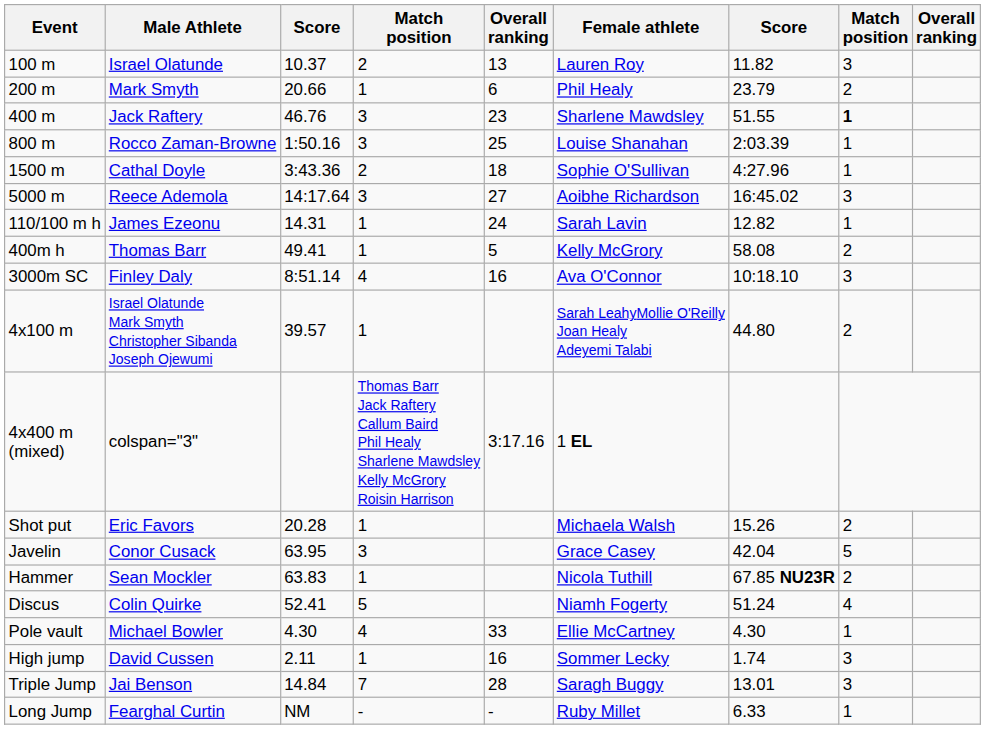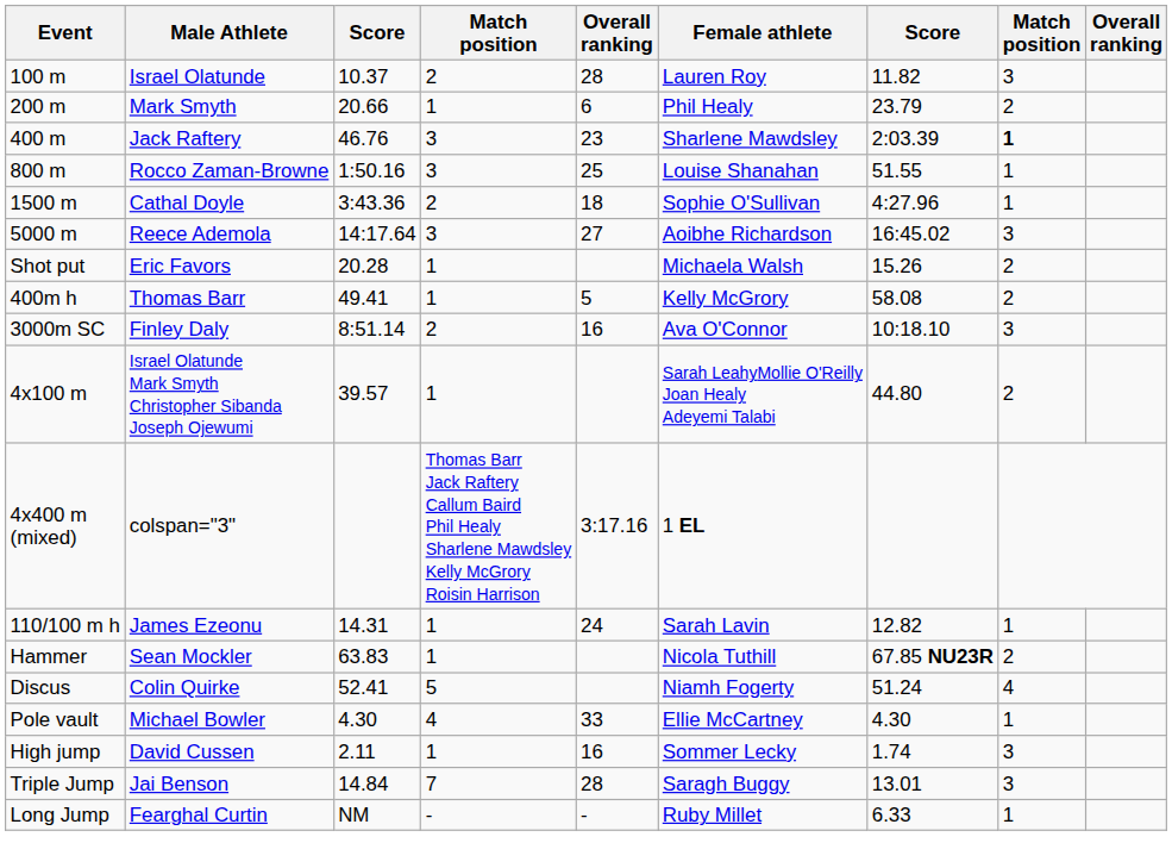 <table class="wikitable" style="text-align:left; font-size:90%">
 <tr>
 <th>Event</th>
 <th>Male Athlete</th>
 <th>Score</th>
 <th>Match<br>position</th>
 <th>Overall<br>ranking</th>
 <th>Female athlete</th>
 <th>Score</th>
 <th>Match<br>position</th>
 <th>Overall<br>ranking</th>
 </tr>
 <tr>
 <td align="left">100 m</td>
 <td><a href='#'>Israel Olatunde</a></td>
 <td>10.37</td>
 <td>2</td>
-<td>13</td>
+<td>28</td>
 <td><a href='#'>Lauren Roy</a></td>
 <td>11.82</td>
 <td>3</td>
 <td></td>
 </tr>
 <tr>
 <td>200 m</td>
 <td><a href='#'>Mark Smyth</a></td>
 <td>20.66</td>
 <td>1</td>
 <td>6</td>
 <td><a href='#'>Phil Healy</a></td>
 <td>23.79</td>
 <td>2</td>
 <td></td>
 </tr>
 <tr>
 <td>400 m</td>
 <td><a href='#'>Jack Raftery</a></td>
 <td>46.76</td>
 <td>3</td>
 <td>23</td>
 <td><a href='#'>Sharlene Mawdsley</a></td>
-<td>51.55</td>
+<td>2:03.39</td>
 <td><strong>1</strong></td>
 <td></td>
 </tr>
 <tr>
 <td>800 m</td>
 <td><a href='#'>Rocco Zaman-Browne</a></td>
 <td>1:50.16</td>
 <td>3</td>
 <td>25</td>
 <td><a href='#'>Louise Shanahan</a></td>
-<td>2:03.39</td>
+<td>51.55</td>
 <td>1</td>
 <td></td>
 </tr>
 <tr>
 <td>1500 m</td>
 <td><a href='#'>Cathal Doyle</a></td>
 <td>3:43.36</td>
 <td>2</td>
 <td>18</td>
 <td><a href='#'>Sophie O'Sullivan</a></td>
 <td>4:27.96</td>
 <td>1</td>
 <td></td>
 </tr>
 <tr>
 <td>5000 m</td>
 <td><a href='#'>Reece Ademola</a></td>
 <td>14:17.64</td>
 <td>3</td>
 <td>27</td>
 <td><a href='#'>Aoibhe Richardson</a></td>
 <td>16:45.02</td>
 <td>3</td>
 <td></td>
 </tr>
 <tr>
-<td>110/100 m h</td>
-<td><a href='#'>James Ezeonu</a></td>
-<td>14.31</td>
+<td>Shot put</td>
+<td><a href='#'>Eric Favors</a></td>
+<td>20.28</td>
 <td>1</td>
-<td>24</td>
-<td><a href='#'>Sarah Lavin</a></td>
-<td>12.82</td>
-<td>1</td>
+<td></td>
+<td><a href='#'>Michaela Walsh</a></td>
+<td>15.26</td>
+<td>2</td>
 <td></td>
 </tr>
 <tr>
 <td>400m h</td>
 <td><a href='#'>Thomas Barr</a></td>
 <td>49.41</td>
 <td>1</td>
 <td>5</td>
 <td><a href='#'>Kelly McGrory</a></td>
 <td>58.08</td>
 <td>2</td>
 <td></td>
 </tr>
 <tr>
 <td>3000m SC</td>
 <td><a href='#'>Finley Daly</a></td>
 <td>8:51.14</td>
-<td>4</td>
+<td>2</td>
 <td>16</td>
 <td><a href='#'>Ava O'Connor</a></td>
 <td>10:18.10</td>
 <td>3</td>
 <td></td>
 </tr>
 <tr>
 <td>4x100 m</td>
 <td><small><a href='#'>Israel Olatunde</a><br><a href='#'>Mark Smyth</a><br><a href='#'>Christopher Sibanda</a><br><a href='#'>Joseph Ojewumi</a></small></td>
 <td>39.57</td>
 <td>1</td>
 <td></td>
 <td><small><a href='#'>Sarah Leahy</a></small><small><a href='#'>Mollie O'Reilly</a><br><a href='#'>Joan Healy</a><br><a href='#'>Adeyemi Talabi</a></small></td>
 <td>44.80</td>
 <td>2</td>
 <td></td>
 </tr>
 <tr>
 <td>4x400 m<br>(mixed)</td>
 <td>colspan="3" </td>
 <td></td>
 <td><small><a href='#'>Thomas Barr</a><br><a href='#'>Jack Raftery</a><br><a href='#'>Callum Baird</a><br><a href='#'>Phil Healy</a><br><a href='#'>Sharlene Mawdsley</a><br><a href='#'>Kelly McGrory</a><br><a href='#'>Roisin Harrison</a></small></td>
 <td>3:17.16</td>
 <td>1 <strong>EL</strong></td>
 <td></td>
 </tr>
 <tr>
-<td>Shot put</td>
-<td><a href='#'>Eric Favors</a></td>
-<td>20.28</td>
+<td>110/100 m h</td>
+<td><a href='#'>James Ezeonu</a></td>
+<td>14.31</td>
 <td>1</td>
-<td></td>
-<td><a href='#'>Michaela Walsh</a></td>
-<td>15.26</td>
-<td>2</td>
-<td></td>
-</tr>
-<tr>
-<td>Javelin</td>
-<td><a href='#'>Conor Cusack</a></td>
-<td>63.95</td>
-<td>3</td>
-<td></td>
-<td><a href='#'>Grace Casey</a></td>
-<td>42.04</td>
-<td>5</td>
+<td>24</td>
+<td><a href='#'>Sarah Lavin</a></td>
+<td>12.82</td>
+<td>1</td>
 <td></td>
 </tr>
 <tr>
 <td>Hammer</td>
 <td><a href='#'>Sean Mockler</a></td>
 <td>63.83</td>
 <td>1</td>
 <td></td>
 <td><a href='#'>Nicola Tuthill</a></td>
 <td>67.85 <strong>NU23R</strong></td>
 <td>2</td>
 <td></td>
 </tr>
 <tr>
 <td>Discus</td>
 <td><a href='#'>Colin Quirke</a></td>
 <td>52.41</td>
 <td>5</td>
 <td></td>
 <td><a href='#'>Niamh Fogerty</a></td>
 <td>51.24</td>
 <td>4</td>
 <td></td>
 </tr>
 <tr>
 <td>Pole vault</td>
 <td><a href='#'>Michael Bowler</a></td>
 <td>4.30</td>
 <td>4</td>
 <td>33</td>
 <td><a href='#'>Ellie McCartney</a></td>
 <td>4.30</td>
 <td>1</td>
 <td></td>
 </tr>
 <tr>
 <td>High jump</td>
 <td><a href='#'>David Cussen</a></td>
 <td>2.11</td>
 <td>1</td>
 <td>16</td>
 <td><a href='#'>Sommer Lecky</a></td>
 <td>1.74</td>
 <td>3</td>
 <td></td>
 </tr>
 <tr>
 <td>Triple Jump</td>
 <td><a href='#'>Jai Benson</a></td>
 <td>14.84</td>
 <td>7</td>
 <td>28</td>
 <td><a href='#'>Saragh Buggy</a></td>
 <td>13.01</td>
 <td>3</td>
 <td></td>
 </tr>
 <tr>
 <td>Long Jump</td>
 <td><a href='#'>Fearghal Curtin</a></td>
 <td>NM</td>
 <td>-</td>
 <td>-</td>
 <td><a href='#'>Ruby Millet</a></td>
 <td>6.33</td>
 <td>1</td>
 <td></td>
 </tr>
 </table>
